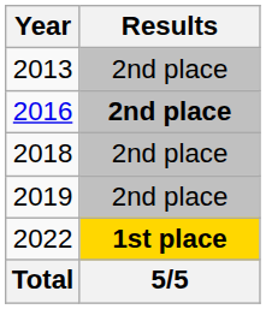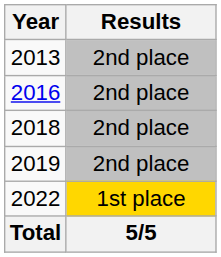 <table class="wikitable" style="text-align: center;">
 <tr>
 <th>Year</th>
 <th width="100">Results</th>
 </tr>
 <tr>
 <td> 2013</td>
 <td bgcolor=silver>2nd place</td>
 </tr>
 <tr>
 <td> <a href='#'>2016</a></td>
-<td bgcolor=silver><strong>2nd place</strong></td>
+<td bgcolor=silver>2nd place</td>
 </tr>
 <tr>
 <td> 2018</td>
 <td bgcolor=silver>2nd place</td>
 </tr>
 <tr>
 <td> 2019</td>
 <td bgcolor=silver>2nd place</td>
 </tr>
 <tr>
 <td> 2022</td>
-<td bgcolor=gold><strong>1st place</strong></td>
+<td bgcolor=gold>1st place</td>
 </tr>
 <tr>
 <th>Total</th>
 <th>5/5</th>
 </tr>
 </table>
